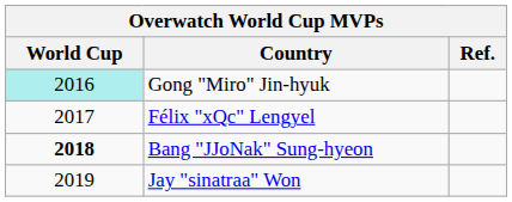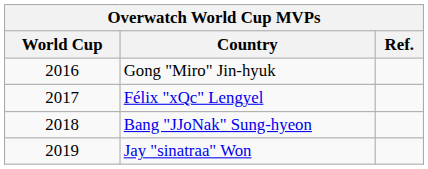 <table class="wikitable" style="text-align:center; width:400px">
 <tr>
 <th colspan="3">Overwatch World Cup MVPs</th>
 </tr>
 <tr>
 <th>World Cup</th>
 <th>Country</th>
 <th>Ref.</th>
 </tr>
 <tr>
-<td style="background: paleturquoise;">2016</td>
+<td>2016</td>
 <td style="text-align:left;"> Gong "Miro" Jin-hyuk</td>
 <td></td>
 </tr>
 <tr>
 <td>2017</td>
 <td style="text-align:left;"> <a href='#'>Félix "xQc" Lengyel</a></td>
 <td></td>
 </tr>
 <tr>
-<td><strong>2018</strong></td>
+<td>2018</td>
 <td style="text-align:left;"> <a href='#'>Bang "JJoNak" Sung-hyeon</a></td>
 <td></td>
 </tr>
 <tr>
 <td>2019</td>
 <td style="text-align:left;"> <a href='#'>Jay "sinatraa" Won</a></td>
 <td></td>
 </tr>
 </table>
